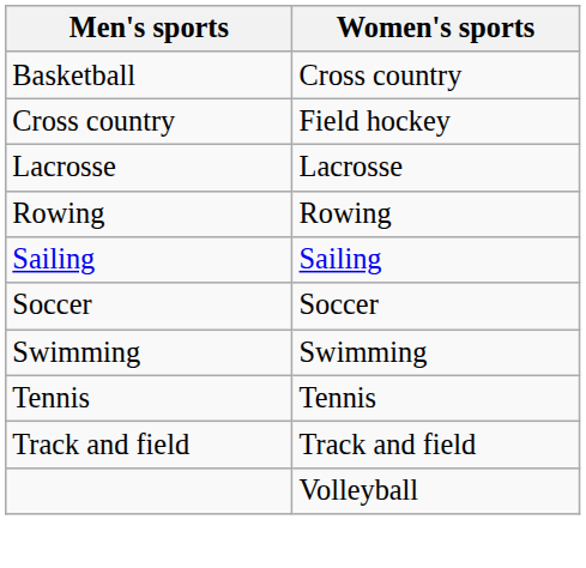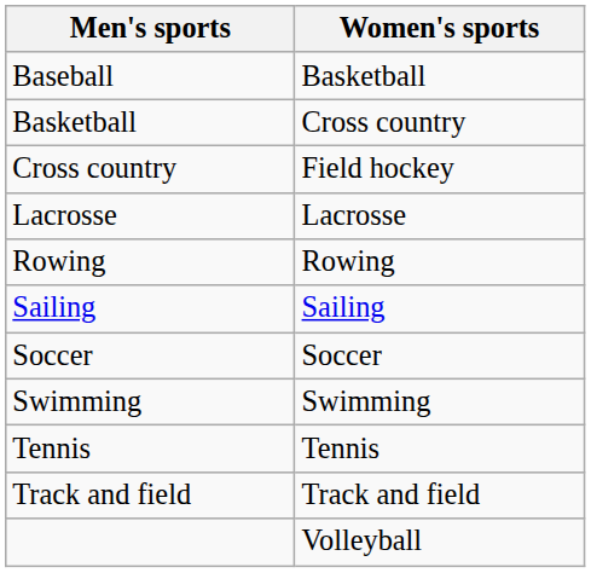 <table class="wikitable"; style= "text-align: ">
 <tr>
 <th width=150px>Men's sports</th>
 <th width=150px>Women's sports</th>
+</tr>
+<tr>
+<td>Baseball</td>
+<td>Basketball</td>
 </tr>
 <tr>
 <td>Basketball</td>
 <td>Cross country</td>
 </tr>
 <tr>
 <td>Cross country</td>
 <td>Field hockey</td>
 </tr>
 <tr>
 <td>Lacrosse</td>
 <td>Lacrosse</td>
 </tr>
 <tr>
 <td>Rowing</td>
 <td>Rowing</td>
 </tr>
 <tr>
 <td><a href='#'>Sailing</a></td>
 <td><a href='#'>Sailing</a></td>
 </tr>
 <tr>
 <td>Soccer</td>
 <td>Soccer</td>
 </tr>
 <tr>
 <td>Swimming</td>
 <td>Swimming</td>
 </tr>
 <tr>
 <td>Tennis</td>
 <td>Tennis</td>
 </tr>
 <tr>
 <td>Track and field</td>
 <td>Track and field</td>
 </tr>
 <tr>
 <td></td>
 <td>Volleyball</td>
 </tr>
 </table>
